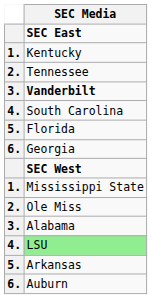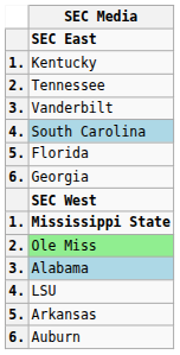 <table class="wikitable" style="white-space:nowrap; font-size:90%;">
 <tr>
 <td ! colspan=1 style="background:white; border-top-style:hidden; border-left-style:hidden;"></td>
 <th>SEC Media</th>
 </tr>
 <tr>
 <th></th>
 <td><strong>SEC East</strong></td>
 </tr>
 <tr>
 <th>1.</th>
 <td>Kentucky</td>
 </tr>
 <tr>
 <th>2.</th>
 <td>Tennessee</td>
 </tr>
 <tr>
 <th>3.</th>
-<td><strong>Vanderbilt</strong></td>
+<td>Vanderbilt</td>
 </tr>
 <tr>
 <th>4.</th>
-<td>South Carolina</td>
+<td style="background: lightblue;">South Carolina</td>
 </tr>
 <tr>
 <th>5.</th>
 <td>Florida</td>
 </tr>
 <tr>
 <th>6.</th>
 <td>Georgia</td>
 </tr>
 <tr>
 <th></th>
 <td><strong>SEC West</strong></td>
 </tr>
 <tr>
 <th>1.</th>
-<td>Mississippi State</td>
+<td><strong>Mississippi State</strong></td>
 </tr>
 <tr>
 <th>2.</th>
-<td>Ole Miss</td>
+<td style="background: lightgreen;">Ole Miss</td>
 </tr>
 <tr>
 <th>3.</th>
-<td>Alabama</td>
+<td style="background: lightblue;">Alabama</td>
 </tr>
 <tr>
 <th>4.</th>
-<td style="background: lightgreen;">LSU</td>
+<td>LSU</td>
 </tr>
 <tr>
 <th>5.</th>
 <td>Arkansas</td>
 </tr>
 <tr>
 <th>6.</th>
 <td>Auburn</td>
 </tr>
 </table>
